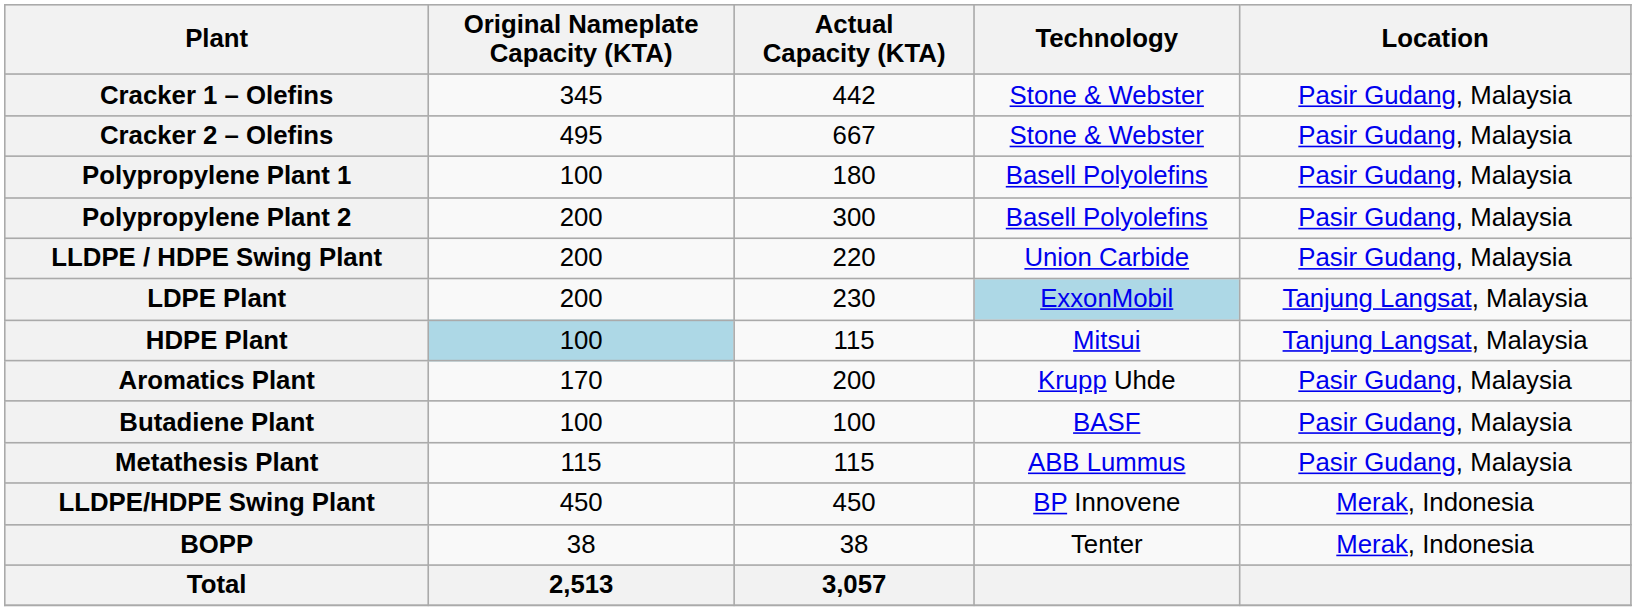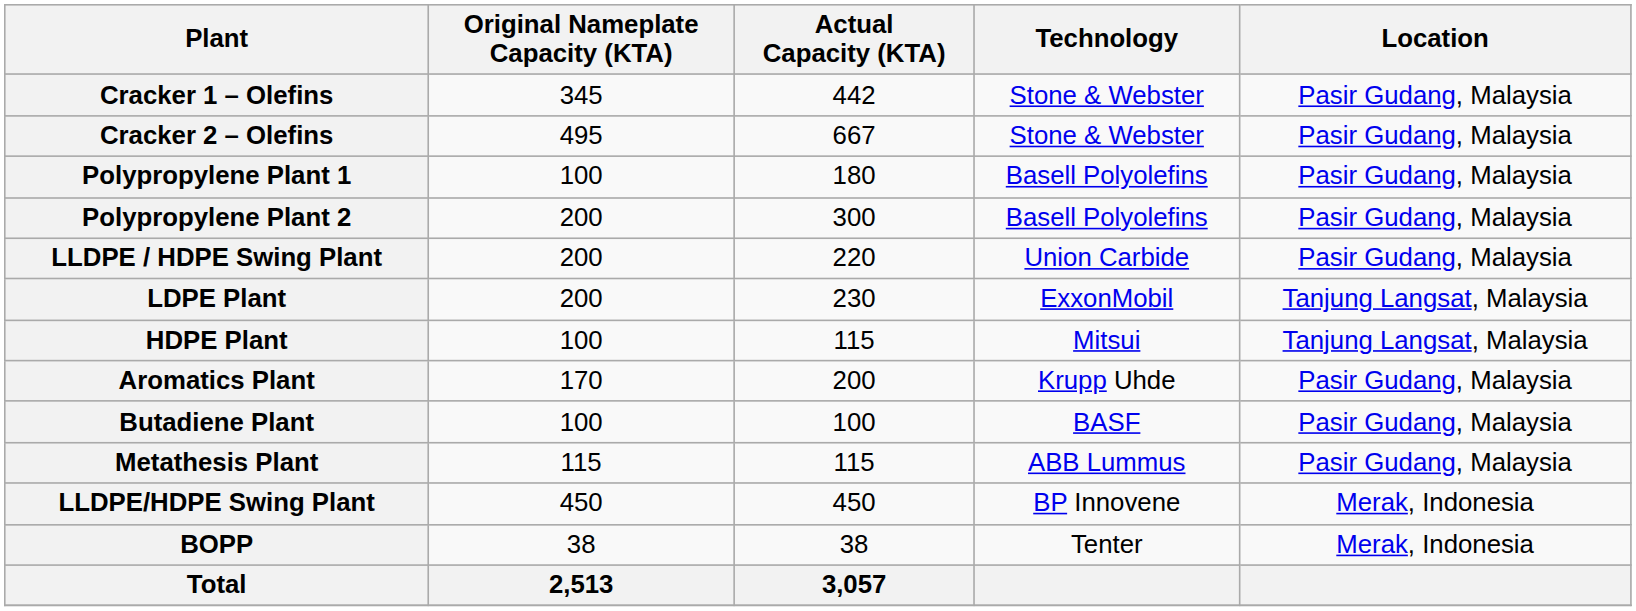 <table class="wikitable" style="text-align:center; width:80%;">
 <tr>
 <th scope="col">Plant</th>
 <th scope="col">Original Nameplate<br>Capacity (KTA)</th>
 <th scope="col">Actual<br>Capacity (KTA)</th>
 <th scope="col">Technology</th>
 <th scope="col">Location</th>
 </tr>
 <tr>
 <th scope="row">Cracker 1 – Olefins</th>
 <td>345</td>
 <td>442</td>
 <td><a href='#'>Stone & Webster</a></td>
 <td><a href='#'>Pasir Gudang</a>, Malaysia</td>
 </tr>
 <tr>
 <th scope="row">Cracker 2 – Olefins</th>
 <td>495</td>
 <td>667</td>
 <td><a href='#'>Stone & Webster</a></td>
 <td><a href='#'>Pasir Gudang</a>, Malaysia</td>
 </tr>
 <tr>
 <th scope="row">Polypropylene Plant 1</th>
 <td>100</td>
 <td>180</td>
 <td><a href='#'>Basell Polyolefins</a></td>
 <td><a href='#'>Pasir Gudang</a>, Malaysia</td>
 </tr>
 <tr>
 <th scope="row">Polypropylene Plant 2</th>
 <td>200</td>
 <td>300</td>
 <td><a href='#'>Basell Polyolefins</a></td>
 <td><a href='#'>Pasir Gudang</a>, Malaysia</td>
 </tr>
 <tr>
 <th scope="row">LLDPE / HDPE Swing Plant</th>
 <td>200</td>
 <td>220</td>
 <td><a href='#'>Union Carbide</a></td>
 <td><a href='#'>Pasir Gudang</a>, Malaysia</td>
 </tr>
 <tr>
 <th scope="row">LDPE Plant</th>
 <td>200</td>
 <td>230</td>
-<td style="background: lightblue;"><a href='#'>ExxonMobil</a></td>
+<td><a href='#'>ExxonMobil</a></td>
 <td><a href='#'>Tanjung Langsat</a>, Malaysia</td>
 </tr>
 <tr>
 <th scope="row">HDPE Plant</th>
-<td style="background: lightblue;">100</td>
+<td>100</td>
 <td>115</td>
 <td><a href='#'>Mitsui</a></td>
 <td><a href='#'>Tanjung Langsat</a>, Malaysia</td>
 </tr>
 <tr>
 <th scope="row">Aromatics Plant</th>
 <td>170</td>
 <td>200</td>
 <td><a href='#'>Krupp</a> Uhde</td>
 <td><a href='#'>Pasir Gudang</a>, Malaysia</td>
 </tr>
 <tr>
 <th scope="row">Butadiene Plant</th>
 <td>100</td>
 <td>100</td>
 <td><a href='#'>BASF</a></td>
 <td><a href='#'>Pasir Gudang</a>, Malaysia</td>
 </tr>
 <tr>
 <th scope="row">Metathesis Plant</th>
 <td>115</td>
 <td>115</td>
 <td><a href='#'>ABB Lummus</a></td>
 <td><a href='#'>Pasir Gudang</a>, Malaysia</td>
 </tr>
 <tr>
 <th scope="row">LLDPE/HDPE Swing Plant</th>
 <td>450</td>
 <td>450</td>
 <td><a href='#'>BP</a> Innovene</td>
 <td><a href='#'>Merak</a>, Indonesia</td>
 </tr>
 <tr>
 <th scope="row">BOPP</th>
 <td>38</td>
 <td>38</td>
 <td>Tenter</td>
 <td><a href='#'>Merak</a>, Indonesia</td>
 </tr>
 <tr>
 <th scope="col">Total</th>
 <th scope="col">2,513</th>
 <th scope="col">3,057</th>
 <th scope="col"></th>
 <th scope="col"></th>
 </tr>
 <tr>
 </tr>
 </table>
